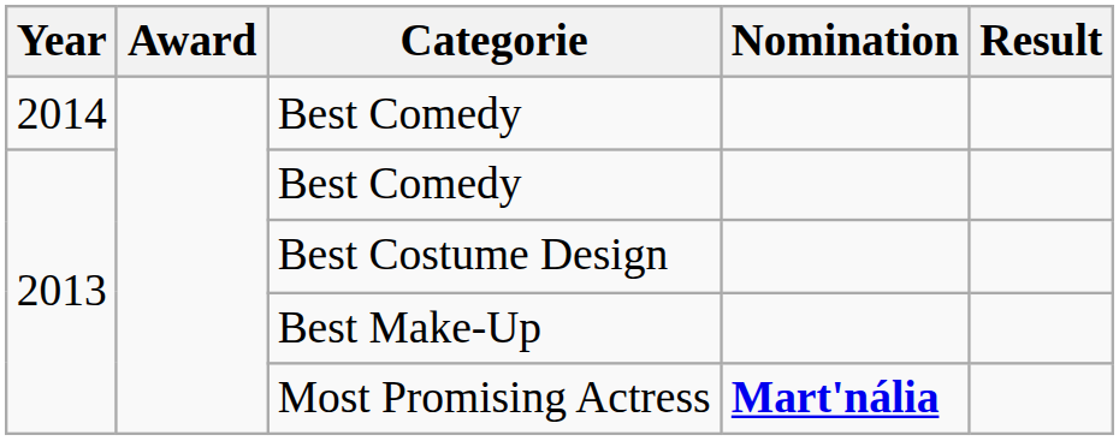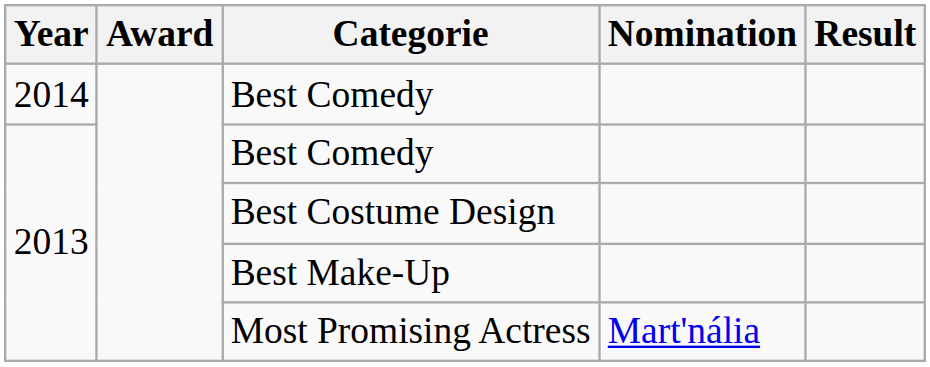 <table class="wikitable">
 <tr>
 <th>Year</th>
 <th>Award</th>
 <th>Categorie</th>
 <th>Nomination</th>
 <th>Result</th>
 </tr>
 <tr>
 <td>2014</td>
 <td rowspan="5"></td>
 <td>Best Comedy</td>
 <td></td>
 <td></td>
 </tr>
 <tr>
 <td rowspan="4">2013</td>
 <td>Best Comedy</td>
 <td></td>
 <td></td>
 </tr>
 <tr>
 <td>Best Costume Design</td>
 <td></td>
 <td></td>
 </tr>
 <tr>
 <td>Best Make-Up</td>
 <td></td>
 <td></td>
 </tr>
 <tr>
 <td>Most Promising Actress</td>
-<td><strong><a href='#'>Mart'nália</a></strong></td>
+<td><a href='#'>Mart'nália</a></td>
 <td></td>
 </tr>
 </table>
